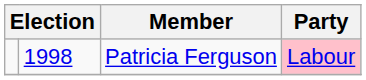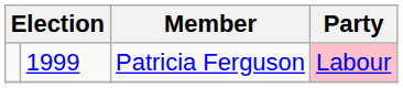 <table class="wikitable">
 <tr>
 <th colspan="2">Election</th>
 <th>Member</th>
 <th>Party</th>
 </tr>
 <tr>
 <td style="background-color: "></td>
-<td><a href='#'>1998</a></td>
+<td><a href='#'>1999</a></td>
 <td><a href='#'>Patricia Ferguson</a></td>
 <td style="background: pink;"><a href='#'>Labour</a></td>
 </tr>
 <tr>
 </tr>
 </table>
